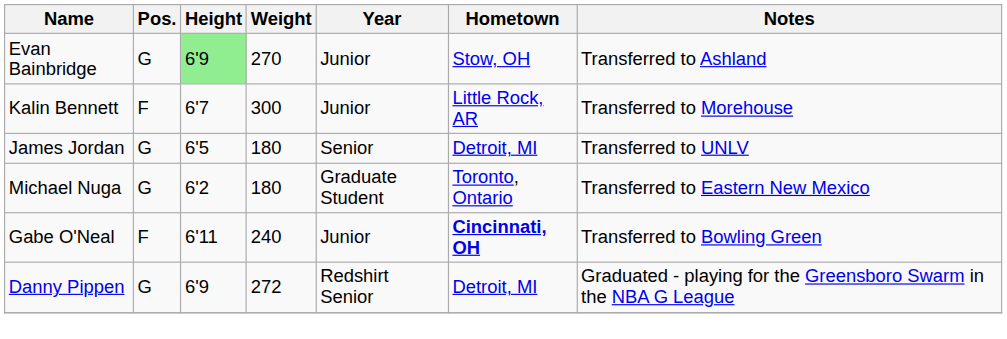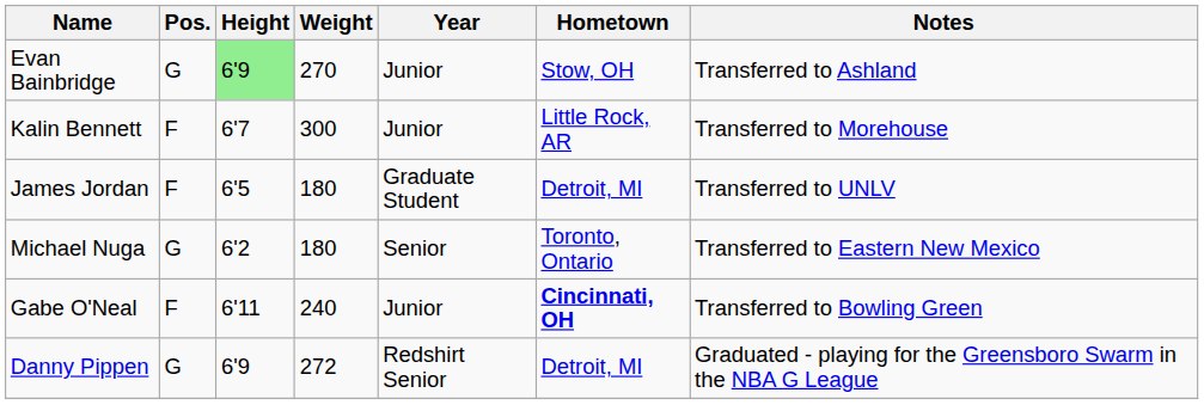 <table class="wikitable sortable" border="1">
 <tr align=center>
 <th>Name</th>
 <th>Pos.</th>
 <th>Height</th>
 <th>Weight</th>
 <th>Year</th>
 <th>Hometown</th>
 <th>Notes</th>
 </tr>
 <tr>
 <td>Evan Bainbridge</td>
 <td>G</td>
 <td style="background: lightgreen;">6'9</td>
 <td>270</td>
 <td>Junior</td>
 <td><a href='#'>Stow, OH</a></td>
 <td>Transferred to <a href='#'>Ashland</a></td>
 </tr>
 <tr>
 <td>Kalin Bennett</td>
 <td>F</td>
 <td>6'7</td>
 <td>300</td>
 <td>Junior</td>
 <td><a href='#'>Little Rock, AR</a></td>
 <td>Transferred to <a href='#'>Morehouse</a></td>
 </tr>
 <tr>
 <td>James Jordan</td>
-<td>G</td>
+<td>F</td>
 <td>6'5</td>
 <td>180</td>
-<td>Senior</td>
+<td>Graduate Student</td>
 <td><a href='#'>Detroit, MI</a></td>
 <td>Transferred to <a href='#'>UNLV</a></td>
 </tr>
 <tr>
 <td>Michael Nuga</td>
 <td>G</td>
 <td>6'2</td>
 <td>180</td>
-<td>Graduate Student</td>
+<td>Senior</td>
 <td><a href='#'>Toronto</a>, <a href='#'>Ontario</a></td>
 <td>Transferred to <a href='#'>Eastern New Mexico</a></td>
 </tr>
 <tr>
 <td>Gabe O'Neal</td>
 <td>F</td>
 <td>6'11</td>
 <td>240</td>
 <td>Junior</td>
 <td><strong><a href='#'>Cincinnati, OH</a></strong></td>
 <td>Transferred to <a href='#'>Bowling Green</a></td>
 </tr>
 <tr>
 <td><a href='#'>Danny Pippen</a></td>
 <td>G</td>
 <td>6'9</td>
 <td>272</td>
 <td>Redshirt Senior</td>
 <td><a href='#'>Detroit, MI</a></td>
 <td>Graduated - playing for the <a href='#'>Greensboro Swarm</a> in the <a href='#'>NBA G League</a></td>
 </tr>
 <tr>
 </tr>
 </table>
